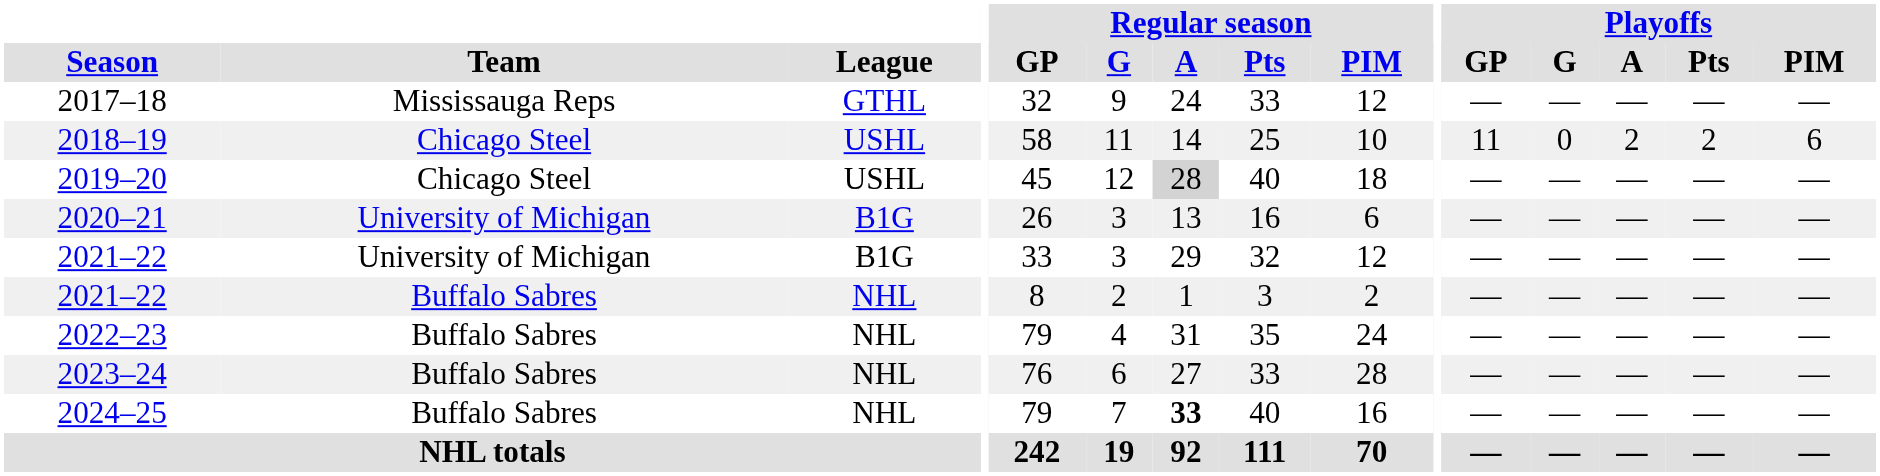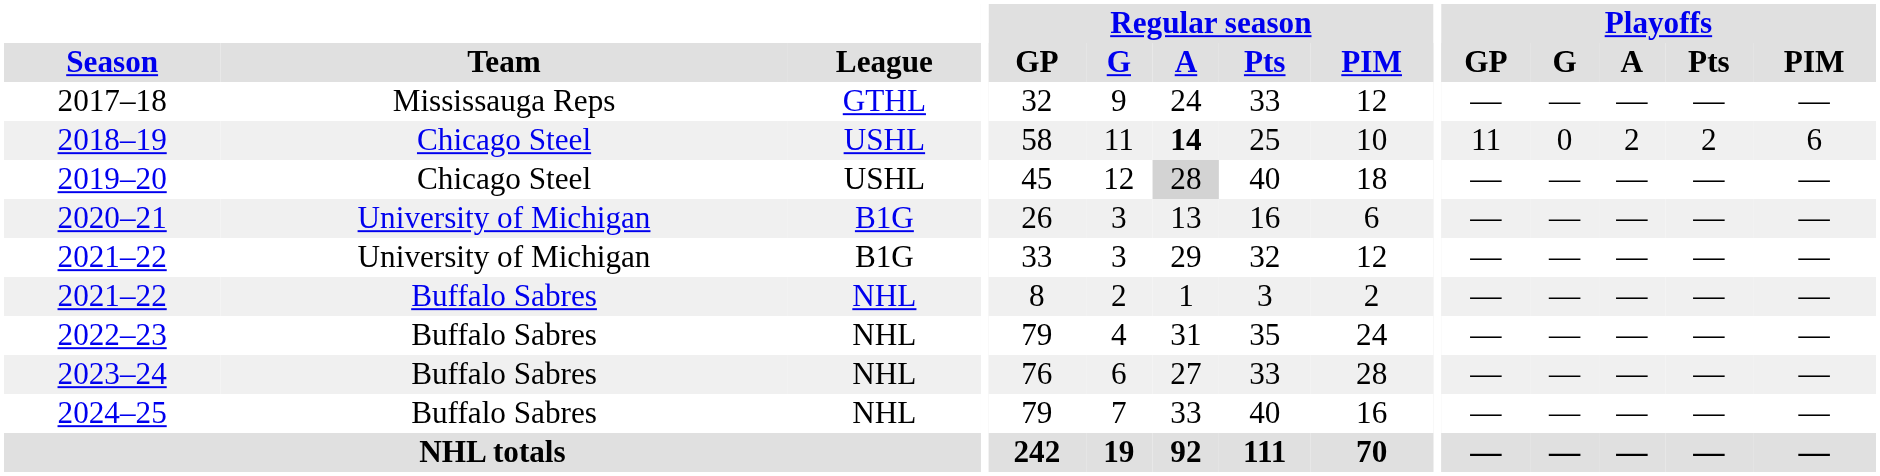 <table border="0" cellpadding="1" cellspacing="0" style="text-align:center; width:60em;">
 <tr bgcolor="#e0e0e0">
 <th colspan="3" bgcolor="#ffffff"></th>
 <th rowspan="99" bgcolor="#ffffff"></th>
 <th colspan="5"><a href='#'>Regular season</a></th>
 <th rowspan="99" bgcolor="#ffffff"></th>
 <th colspan="5"><a href='#'>Playoffs</a></th>
 </tr>
 <tr bgcolor="#e0e0e0">
 <th><a href='#'>Season</a></th>
 <th>Team</th>
 <th>League</th>
 <th>GP</th>
 <th><a href='#'>G</a></th>
 <th><a href='#'>A</a></th>
 <th><a href='#'>Pts</a></th>
 <th><a href='#'>PIM</a></th>
 <th>GP</th>
 <th>G</th>
 <th>A</th>
 <th>Pts</th>
 <th>PIM</th>
 </tr>
 <tr>
 <td>2017–18</td>
 <td>Mississauga Reps</td>
 <td><a href='#'>GTHL</a></td>
 <td>32</td>
 <td>9</td>
 <td>24</td>
 <td>33</td>
 <td>12</td>
 <td>—</td>
 <td>—</td>
 <td>—</td>
 <td>—</td>
 <td>—</td>
 </tr>
 <tr bgcolor="#f0f0f0">
 <td><a href='#'>2018–19</a></td>
 <td><a href='#'>Chicago Steel</a></td>
 <td><a href='#'>USHL</a></td>
 <td>58</td>
 <td>11</td>
-<td>14</td>
+<td><strong>14</strong></td>
 <td>25</td>
 <td>10</td>
 <td>11</td>
 <td>0</td>
 <td>2</td>
 <td>2</td>
 <td>6</td>
 </tr>
 <tr>
 <td><a href='#'>2019–20</a></td>
 <td>Chicago Steel</td>
 <td>USHL</td>
 <td>45</td>
 <td>12</td>
 <td style="background: lightgrey;">28</td>
 <td>40</td>
 <td>18</td>
 <td>—</td>
 <td>—</td>
 <td>—</td>
 <td>—</td>
 <td>—</td>
 </tr>
 <tr bgcolor="#f0f0f0">
 <td><a href='#'>2020–21</a></td>
 <td><a href='#'>University of Michigan</a></td>
 <td><a href='#'>B1G</a></td>
 <td>26</td>
 <td>3</td>
 <td>13</td>
 <td>16</td>
 <td>6</td>
 <td>—</td>
 <td>—</td>
 <td>—</td>
 <td>—</td>
 <td>—</td>
 </tr>
 <tr>
 <td><a href='#'>2021–22</a></td>
 <td>University of Michigan</td>
 <td>B1G</td>
 <td>33</td>
 <td>3</td>
 <td>29</td>
 <td>32</td>
 <td>12</td>
 <td>—</td>
 <td>—</td>
 <td>—</td>
 <td>—</td>
 <td>—</td>
 </tr>
 <tr bgcolor="#f0f0f0">
 <td><a href='#'>2021–22</a></td>
 <td><a href='#'>Buffalo Sabres</a></td>
 <td><a href='#'>NHL</a></td>
 <td>8</td>
 <td>2</td>
 <td>1</td>
 <td>3</td>
 <td>2</td>
 <td>—</td>
 <td>—</td>
 <td>—</td>
 <td>—</td>
 <td>—</td>
 </tr>
 <tr>
 <td><a href='#'>2022–23</a></td>
 <td>Buffalo Sabres</td>
 <td>NHL</td>
 <td>79</td>
 <td>4</td>
 <td>31</td>
 <td>35</td>
 <td>24</td>
 <td>—</td>
 <td>—</td>
 <td>—</td>
 <td>—</td>
 <td>—</td>
 </tr>
 <tr bgcolor="#f0f0f0">
 <td><a href='#'>2023–24</a></td>
 <td>Buffalo Sabres</td>
 <td>NHL</td>
 <td>76</td>
 <td>6</td>
 <td>27</td>
 <td>33</td>
 <td>28</td>
 <td>—</td>
 <td>—</td>
 <td>—</td>
 <td>—</td>
 <td>—</td>
 </tr>
 <tr>
 <td><a href='#'>2024–25</a></td>
 <td>Buffalo Sabres</td>
 <td>NHL</td>
 <td>79</td>
 <td>7</td>
-<td><strong>33</strong></td>
+<td>33</td>
 <td>40</td>
 <td>16</td>
 <td>—</td>
 <td>—</td>
 <td>—</td>
 <td>—</td>
 <td>—</td>
 </tr>
 <tr bgcolor="#e0e0e0">
 <th colspan="3">NHL totals</th>
 <th>242</th>
 <th>19</th>
 <th>92</th>
 <th>111</th>
 <th>70</th>
 <th>—</th>
 <th>—</th>
 <th>—</th>
 <th>—</th>
 <th>—</th>
 </tr>
 </table>
